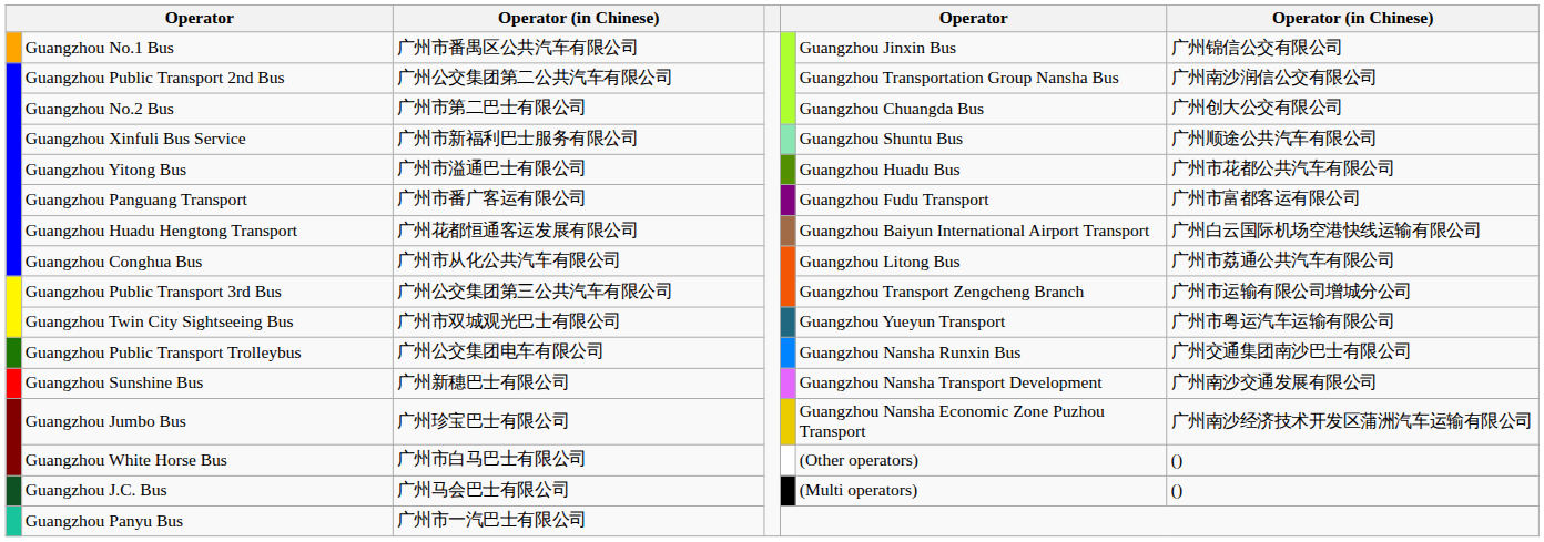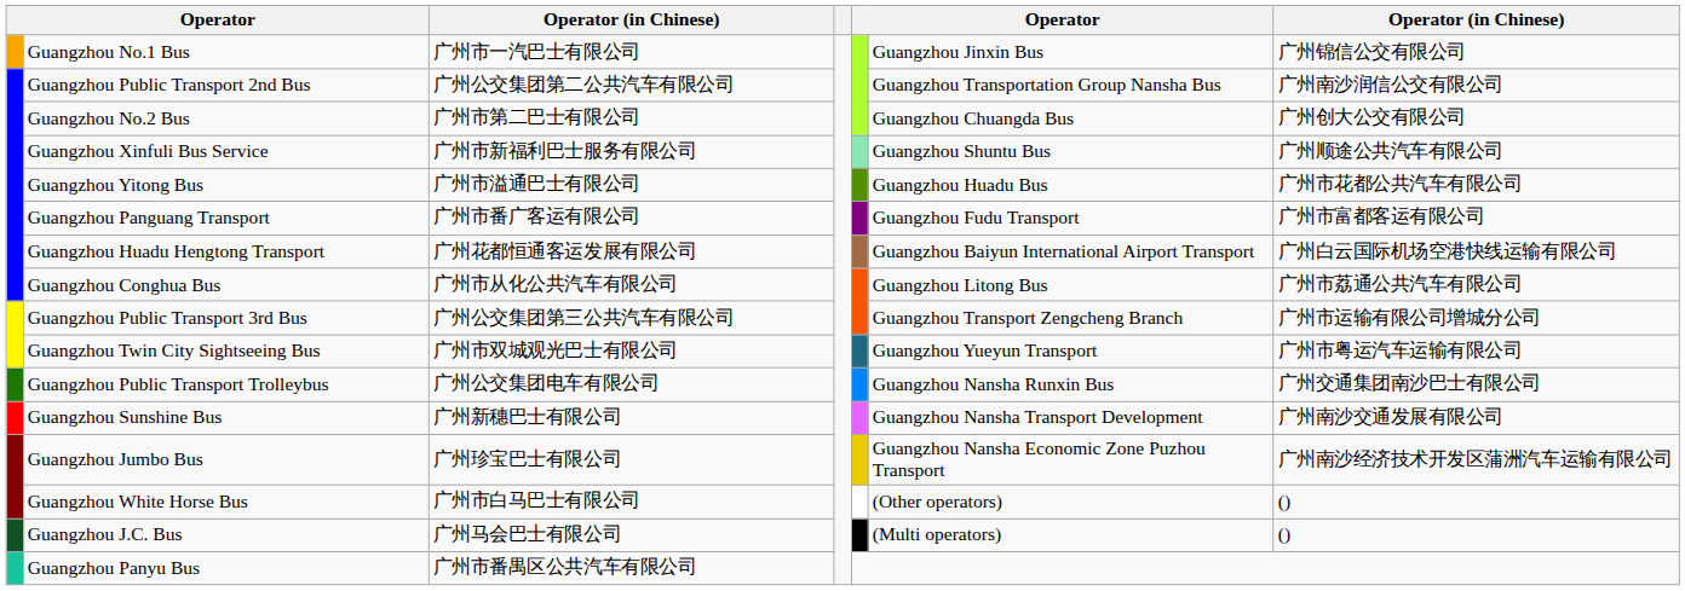 <table class="wikitable" style="width:90%; margin:auto">
 <tr>
 <th colspan="2">Operator</th>
 <th>Operator (in Chinese)</th>
 <th></th>
 <th colspan="2">Operator</th>
 <th>Operator (in Chinese)</th>
 </tr>
 <tr>
 <td style="background:orange" width="1%"></td>
 <td width="24%">Guangzhou No.1 Bus</td>
-<td>广州市番禺区公共汽车有限公司</td>
+<td width="24%">广州市一汽巴士有限公司</td>
 <td rowspan="16" width="1%"></td>
 <td rowspan="3" style="background:greenyellow" width="1%"></td>
 <td width="24%">Guangzhou Jinxin Bus</td>
 <td width="24%">广州锦信公交有限公司</td>
 </tr>
 <tr>
 <td style="background:blue" rowspan="7"></td>
 <td>Guangzhou Public Transport 2nd Bus</td>
 <td>广州公交集团第二公共汽车有限公司</td>
 <td>Guangzhou Transportation Group Nansha Bus</td>
 <td>广州南沙润信公交有限公司</td>
 </tr>
 <tr>
 <td>Guangzhou No.2 Bus</td>
 <td>广州市第二巴士有限公司</td>
 <td>Guangzhou Chuangda Bus</td>
 <td>广州创大公交有限公司</td>
 </tr>
 <tr>
 <td>Guangzhou Xinfuli Bus Service</td>
 <td>广州市新福利巴士服务有限公司</td>
 <td style="background:#8ae6b3"></td>
 <td>Guangzhou Shuntu Bus</td>
 <td>广州顺途公共汽车有限公司</td>
 </tr>
 <tr>
 <td>Guangzhou Yitong Bus</td>
 <td>广州市溢通巴士有限公司</td>
 <td style="background:#529001"></td>
 <td>Guangzhou Huadu Bus</td>
 <td>广州市花都公共汽车有限公司</td>
 </tr>
 <tr>
 <td>Guangzhou Panguang Transport</td>
 <td>广州市番广客运有限公司</td>
 <td style="background:purple"></td>
 <td>Guangzhou Fudu Transport</td>
 <td>广州市富都客运有限公司</td>
 </tr>
 <tr>
 <td>Guangzhou Huadu Hengtong Transport</td>
 <td>广州花都恒通客运发展有限公司</td>
 <td style="background:#A16B47"></td>
 <td>Guangzhou Baiyun International Airport Transport</td>
 <td>广州白云国际机场空港快线运输有限公司</td>
 </tr>
 <tr>
 <td>Guangzhou Conghua Bus</td>
 <td>广州市从化公共汽车有限公司</td>
 <td style="background:#f35706" rowspan="2"></td>
 <td>Guangzhou Litong Bus</td>
 <td>广州市荔通公共汽车有限公司</td>
 </tr>
 <tr>
 <td style="background:#fff600" rowspan="2"></td>
 <td>Guangzhou Public Transport 3rd Bus</td>
 <td>广州公交集团第三公共汽车有限公司</td>
 <td>Guangzhou Transport Zengcheng Branch</td>
 <td>广州市运输有限公司增城分公司</td>
 </tr>
 <tr>
 <td>Guangzhou Twin City Sightseeing Bus</td>
 <td>广州市双城观光巴士有限公司</td>
 <td style="background:#206880"></td>
 <td>Guangzhou Yueyun Transport</td>
 <td>广州市粤运汽车运输有限公司</td>
 </tr>
 <tr>
 <td style="background:#1c7703"></td>
 <td>Guangzhou Public Transport Trolleybus</td>
 <td>广州公交集团电车有限公司</td>
 <td style="background:#0084ff"></td>
 <td>Guangzhou Nansha Runxin Bus</td>
 <td>广州交通集团南沙巴士有限公司</td>
 </tr>
 <tr>
 <td style="background:red"></td>
 <td>Guangzhou Sunshine Bus</td>
 <td>广州新穗巴士有限公司</td>
 <td style="background:#e466ff"></td>
 <td>Guangzhou Nansha Transport Development</td>
 <td>广州南沙交通发展有限公司</td>
 </tr>
 <tr>
 <td style="background:#820000" rowspan="2"></td>
 <td>Guangzhou Jumbo Bus</td>
 <td>广州珍宝巴士有限公司</td>
 <td style="background:#eacc00"></td>
 <td>Guangzhou Nansha Economic Zone Puzhou Transport</td>
 <td>广州南沙经济技术开发区蒲洲汽车运输有限公司</td>
 </tr>
 <tr>
 <td>Guangzhou White Horse Bus</td>
 <td>广州市白马巴士有限公司</td>
 <td style="background:white"></td>
 <td>(Other operators)</td>
 <td>()</td>
 </tr>
 <tr>
 <td style="background:#0e5122"></td>
 <td>Guangzhou J.C. Bus</td>
 <td>广州马会巴士有限公司</td>
 <td style="background:black"></td>
 <td>(Multi operators)</td>
 <td>()</td>
 </tr>
 <tr>
 <td style="background:#18c49c"></td>
 <td>Guangzhou Panyu Bus</td>
-<td width="24%">广州市一汽巴士有限公司</td>
+<td>广州市番禺区公共汽车有限公司</td>
 </tr>
 </table>
